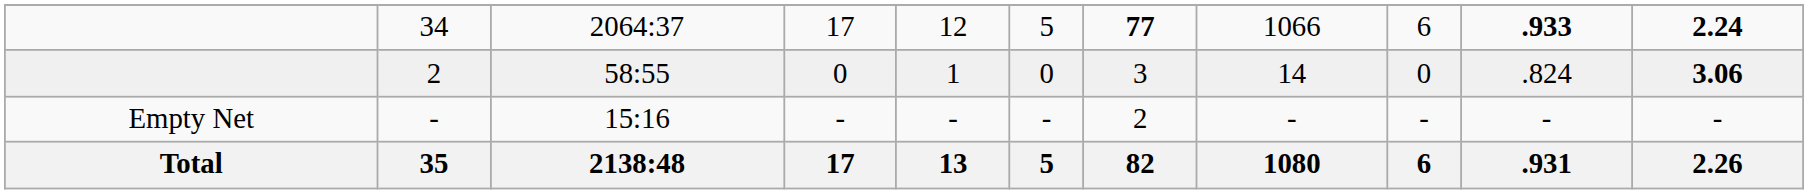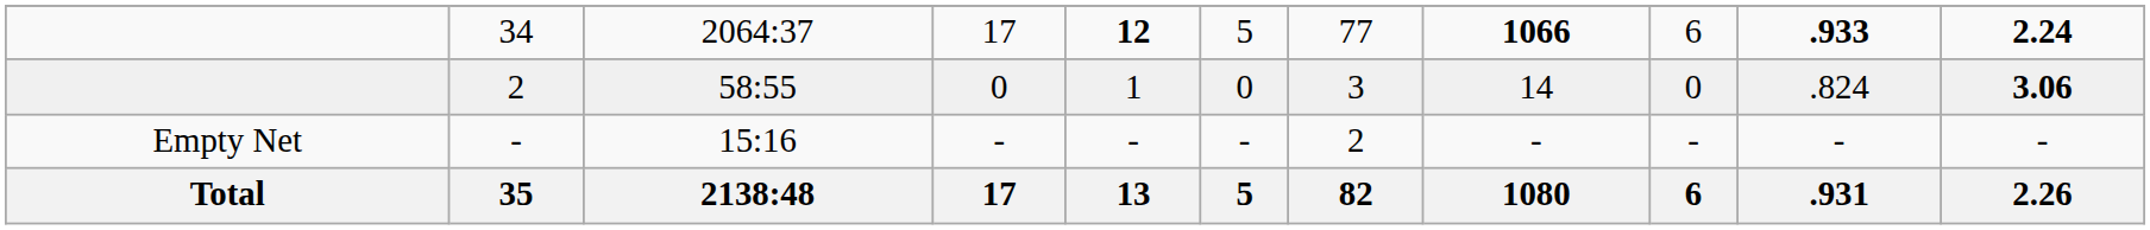 <table class="wikitable sortable" width ="1000">
 <tr align="center">
 </tr>
 <tr align="center" bgcolor="">
 <td></td>
 <td>34</td>
 <td>2064:37</td>
 <td>17</td>
-<td>12</td>
+<td><strong>12</strong></td>
 <td>5</td>
-<td><strong>77</strong></td>
-<td>1066</td>
+<td>77</td>
+<td><strong>1066</strong></td>
 <td>6</td>
 <td><strong>.933</strong></td>
 <td><strong>2.24</strong></td>
 </tr>
 <tr align="center" bgcolor="f0f0f0">
 <td></td>
 <td>2</td>
 <td>58:55</td>
 <td>0</td>
 <td>1</td>
 <td>0</td>
 <td>3</td>
 <td>14</td>
 <td>0</td>
 <td>.824</td>
 <td><strong>3.06</strong></td>
 </tr>
 <tr align="center" bgcolor="">
 <td>Empty Net</td>
 <td>-</td>
 <td>15:16</td>
 <td>-</td>
 <td>-</td>
 <td>-</td>
 <td>2</td>
 <td>-</td>
 <td>-</td>
 <td>-</td>
 <td>-</td>
 </tr>
 <tr>
 <th>Total</th>
 <th>35</th>
 <th>2138:48</th>
 <th>17</th>
 <th>13</th>
 <th>5</th>
 <th>82</th>
 <th>1080</th>
 <th>6</th>
 <th>.931</th>
 <th>2.26</th>
 </tr>
 </table>
